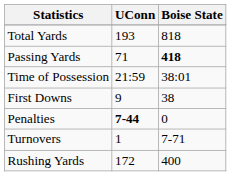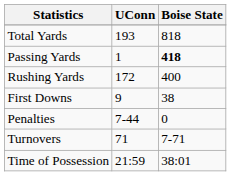 <table class="wikitable">
 <tr>
 <th>Statistics</th>
 <th>UConn</th>
 <th>Boise State</th>
 </tr>
 <tr>
 </tr>
 <tr>
 <td>Total Yards</td>
 <td>193</td>
 <td>818</td>
 </tr>
 <tr>
 <td>Passing Yards</td>
-<td>71</td>
+<td>1</td>
 <td><strong>418</strong></td>
 </tr>
 <tr>
-<td>Time of Possession</td>
-<td>21:59</td>
-<td>38:01</td>
+<td>Rushing Yards</td>
+<td>172</td>
+<td>400</td>
 </tr>
 <tr>
 <td>First Downs</td>
 <td>9</td>
 <td>38</td>
 </tr>
 <tr>
 <td>Penalties</td>
-<td><strong>7-44</strong></td>
+<td>7-44</td>
 <td>0</td>
 </tr>
 <tr>
 <td>Turnovers</td>
-<td>1</td>
+<td>71</td>
 <td>7-71</td>
 </tr>
 <tr>
-<td>Rushing Yards</td>
-<td>172</td>
-<td>400</td>
+<td>Time of Possession</td>
+<td>21:59</td>
+<td>38:01</td>
 </tr>
 </table>
